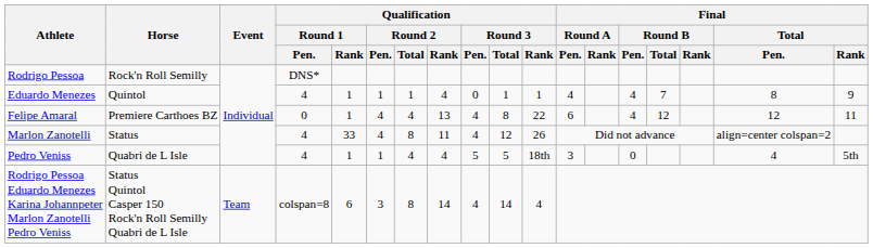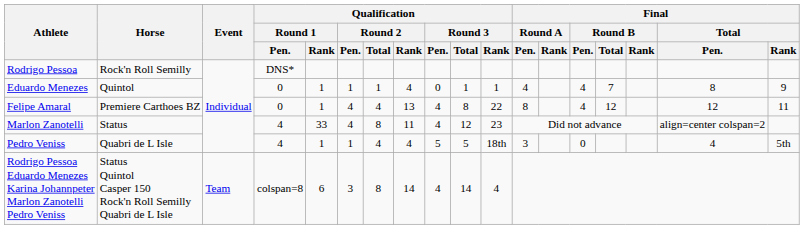 <table class="wikitable" style="font-size:90%">
 <tr>
 <th rowspan="3">Athlete</th>
 <th rowspan="3">Horse</th>
 <th rowspan="3">Event</th>
 <th colspan="8">Qualification</th>
 <th colspan="7">Final</th>
 </tr>
 <tr>
 <th colspan="2">Round 1</th>
 <th colspan="3">Round 2</th>
 <th colspan="3">Round 3</th>
 <th colspan="2">Round A</th>
 <th colspan="3">Round B</th>
 <th colspan="2">Total</th>
 </tr>
 <tr>
 <th>Pen.</th>
 <th>Rank</th>
 <th>Pen.</th>
 <th>Total</th>
 <th>Rank</th>
 <th>Pen.</th>
 <th>Total</th>
 <th>Rank</th>
 <th>Pen.</th>
 <th>Rank</th>
 <th>Pen.</th>
 <th>Total</th>
 <th>Rank</th>
 <th>Pen.</th>
 <th>Rank</th>
 </tr>
 <tr>
 <td><a href='#'>Rodrigo Pessoa</a></td>
 <td>Rock'n Roll Semilly</td>
 <td rowspan=5><a href='#'>Individual</a></td>
 <td align=center>DNS*</td>
 <td align=center></td>
 <td align=center></td>
 <td align=center></td>
 <td align=center></td>
 <td align=center></td>
 <td align=center></td>
 <td align=center></td>
 <td align=center></td>
 <td align=center></td>
 <td align=center></td>
 <td align=center></td>
 <td align=center></td>
 <td align=center></td>
 <td align=center></td>
 </tr>
 <tr>
 <td><a href='#'>Eduardo Menezes</a></td>
 <td>Quintol</td>
-<td align=center>4</td>
+<td align=center>0</td>
 <td align=center>1</td>
 <td align=center>1</td>
 <td align=center>1</td>
 <td align=center>4</td>
 <td align=center>0</td>
 <td align=center>1</td>
 <td align=center>1</td>
 <td align=center>4</td>
 <td align=center></td>
 <td align=center>4</td>
 <td align=center>7</td>
 <td align=center></td>
 <td align=center>8</td>
 <td align=center>9</td>
 </tr>
 <tr>
 <td><a href='#'>Felipe Amaral</a></td>
 <td>Premiere Carthoes BZ</td>
 <td align=center>0</td>
 <td align=center>1</td>
 <td align=center>4</td>
 <td align=center>4</td>
 <td align=center>13</td>
 <td align=center>4</td>
 <td align=center>8</td>
 <td align=center>22</td>
-<td align=center>6</td>
+<td align=center>8</td>
 <td align=center></td>
 <td align=center>4</td>
 <td align=center>12</td>
 <td align=center></td>
 <td align=center>12</td>
 <td align=center>11</td>
 </tr>
 <tr>
 <td><a href='#'>Marlon Zanotelli</a></td>
 <td>Status</td>
 <td align=center>4</td>
 <td align=center>33</td>
 <td align=center>4</td>
 <td align=center>8</td>
 <td align=center>11</td>
 <td align=center>4</td>
 <td align=center>12</td>
-<td align=center>26</td>
+<td align=center>23</td>
 <td align=center colspan=5>Did not advance</td>
 <td>align=center colspan=2 </td>
 </tr>
 <tr>
 <td><a href='#'>Pedro Veniss</a></td>
 <td>Quabri de L Isle</td>
 <td align=center>4</td>
 <td align=center>1</td>
 <td align=center>1</td>
 <td align=center>4</td>
 <td align=center>4</td>
 <td align=center>5</td>
 <td align=center>5</td>
 <td align=center>18th</td>
 <td align=center>3</td>
 <td align=center></td>
 <td align=center>0</td>
 <td align=center></td>
 <td align=center></td>
 <td align=center>4</td>
 <td align=center>5th</td>
 </tr>
 <tr>
 <td><a href='#'>Rodrigo Pessoa</a><br><a href='#'>Eduardo Menezes</a><br><a href='#'>Karina Johannpeter</a><br><a href='#'>Marlon Zanotelli</a><br><a href='#'>Pedro Veniss</a></td>
 <td>Status<br>Quintol<br>Casper 150<br>Rock'n Roll Semilly<br>Quabri de L Isle</td>
 <td align=left><a href='#'>Team</a></td>
 <td>colspan=8 </td>
 <td align=center>6</td>
 <td align=center>3</td>
 <td align=center>8</td>
 <td align=center>14</td>
 <td align=center>4</td>
 <td align=center>14</td>
 <td align=center>4</td>
 </tr>
 </table>
